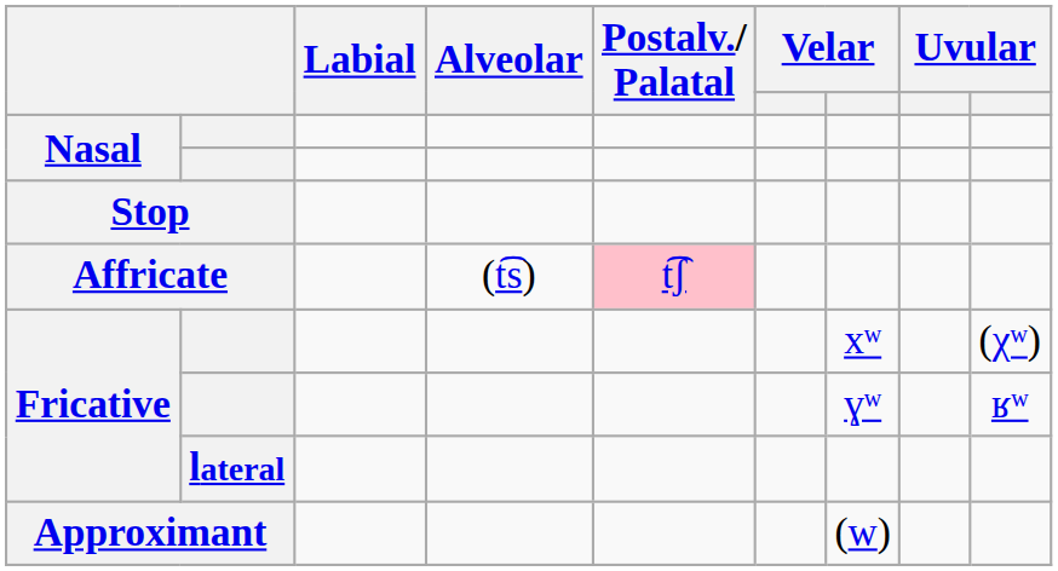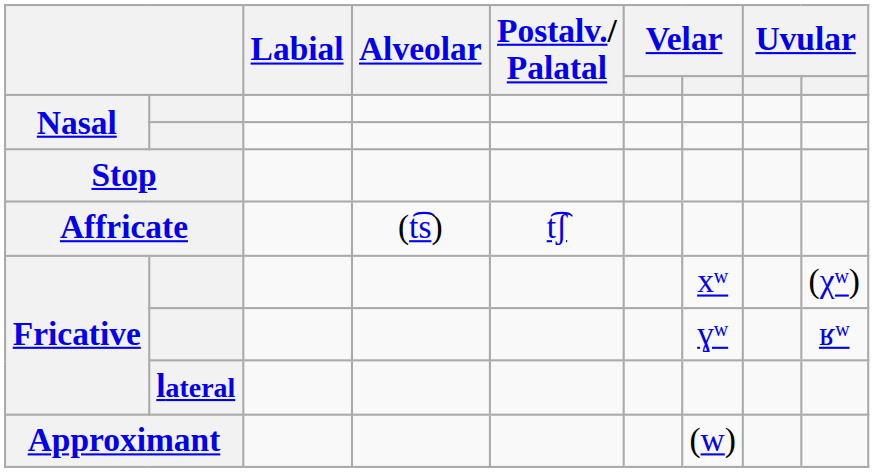 <table class="wikitable" style="text-align:center">
 <tr>
 <th colspan="2" rowspan="2"></th>
 <th rowspan="2"><a href='#'>Labial</a></th>
 <th rowspan="2"><a href='#'>Alveolar</a></th>
 <th rowspan="2"><a href='#'>Postalv.</a>/<br><a href='#'>Palatal</a></th>
 <th colspan="2"><a href='#'>Velar</a></th>
 <th colspan="2"><a href='#'>Uvular</a></th>
 </tr>
 <tr>
 <th></th>
 <th></th>
 <th></th>
 <th></th>
 </tr>
 <tr>
 <th rowspan="2"><a href='#'>Nasal</a></th>
 <th></th>
 <td width="20px" style="border-right: 0;"></td>
 <td width="20px" style="border-right: 0;"></td>
 <td></td>
 <td width="20px" style="border-right: 0;"></td>
 <td></td>
 <td></td>
 <td></td>
 </tr>
 <tr>
 <th></th>
 <td></td>
 <td></td>
 <td></td>
 <td></td>
 <td></td>
 <td></td>
 <td></td>
 </tr>
 <tr>
 <th colspan="2"><a href='#'>Stop</a></th>
 <td style="border-right: 0;"></td>
 <td style="border-right: 0;"></td>
 <td></td>
 <td style="border-right: 0;"></td>
 <td></td>
 <td width="20px" style="border-right: 0;"></td>
 <td></td>
 </tr>
 <tr>
 <th colspan="2"><a href='#'>Affricate</a></th>
 <td></td>
 <td style="border-right: 0;">(<a href='#'>t͡s</a>)</td>
-<td width="20px" style="background: pink; border-right: 0;"><a href='#'>t͡ʃ</a></td>
+<td width="20px" style="border-right: 0;"><a href='#'>t͡ʃ</a></td>
 <td></td>
 <td></td>
 <td></td>
 <td></td>
 </tr>
 <tr>
 <th rowspan="3"><a href='#'>Fricative</a></th>
 <th></th>
 <td style="border-right: 0;"></td>
 <td style="border-right: 0;"></td>
 <td></td>
 <td style="border-right: 0;"></td>
 <td><a href='#'>xʷ</a></td>
 <td style="border-right: 0;"></td>
 <td>(<a href='#'>χʷ</a>)</td>
 </tr>
 <tr>
 <th></th>
 <td></td>
 <td></td>
 <td></td>
 <td style="border-right: 0;"></td>
 <td><a href='#'>ɣʷ</a></td>
 <td style="border-right: 0;"></td>
 <td><a href='#'>ʁʷ</a></td>
 </tr>
 <tr>
 <th><a href='#'>l<small>ateral</small></a></th>
 <td></td>
 <td style="border-right: 0;"></td>
 <td></td>
 <td></td>
 <td></td>
 <td></td>
 <td></td>
 </tr>
 <tr>
 <th colspan="2"><a href='#'>Approximant</a></th>
 <td></td>
 <td></td>
 <td style="border-right: 0;"></td>
 <td style="border-right: 0;"></td>
 <td>(<a href='#'>w</a>)</td>
 <td style="border-right: 0;"></td>
 <td></td>
 </tr>
 </table>
